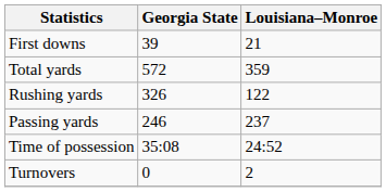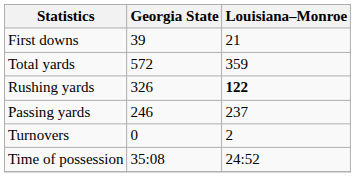 <table class="wikitable">
 <tr>
 <th>Statistics</th>
 <th>Georgia State</th>
 <th>Louisiana–Monroe</th>
 </tr>
 <tr>
 <td>First downs</td>
 <td>39</td>
 <td>21</td>
 </tr>
 <tr>
 <td>Total yards</td>
 <td>572</td>
 <td>359</td>
 </tr>
 <tr>
 <td>Rushing yards</td>
 <td>326</td>
-<td>122</td>
+<td><strong>122</strong></td>
 </tr>
 <tr>
 <td>Passing yards</td>
 <td>246</td>
 <td>237</td>
 </tr>
 <tr>
+<td>Turnovers</td>
+<td>0</td>
+<td>2</td>
+</tr>
+<tr>
 <td>Time of possession</td>
 <td>35:08</td>
 <td>24:52</td>
 </tr>
 <tr>
-<td>Turnovers</td>
-<td>0</td>
-<td>2</td>
-</tr>
-<tr>
 </tr>
 </table>
